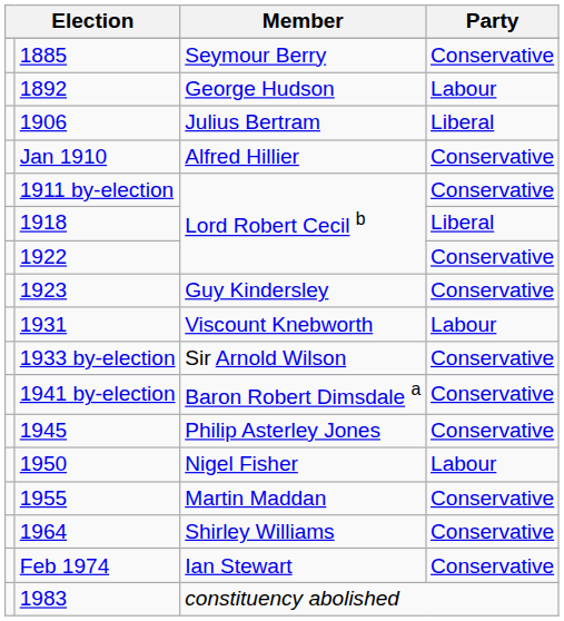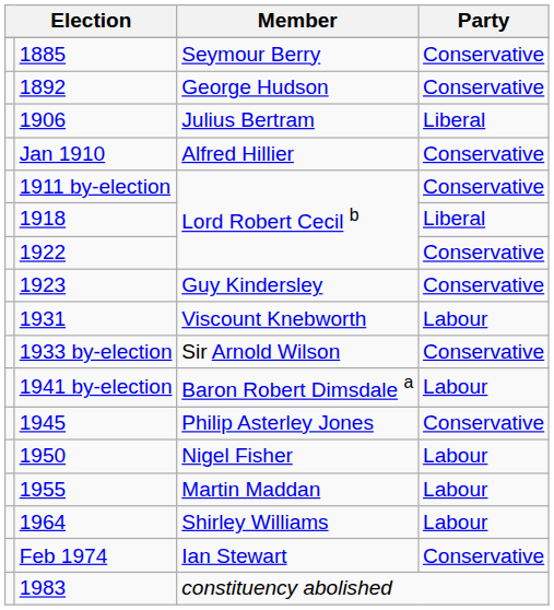 <table class="wikitable">
 <tr>
 <th colspan="2">Election</th>
 <th>Member</th>
 <th>Party</th>
 </tr>
 <tr>
 </tr>
 <tr>
 <td style="color:inherit;background-color: "></td>
 <td><a href='#'>1885</a></td>
 <td><a href='#'>Seymour Berry</a></td>
 <td><a href='#'>Conservative</a></td>
 </tr>
 <tr>
 <td style="color:inherit;background-color: "></td>
 <td><a href='#'>1892</a></td>
 <td><a href='#'>George Hudson</a></td>
-<td><a href='#'>Labour</a></td>
+<td><a href='#'>Conservative</a></td>
 </tr>
 <tr>
 <td style="color:inherit;background-color: "></td>
 <td><a href='#'>1906</a></td>
 <td><a href='#'>Julius Bertram</a></td>
 <td><a href='#'>Liberal</a></td>
 </tr>
 <tr>
 <td style="color:inherit;background-color: "></td>
 <td><a href='#'>Jan 1910</a></td>
 <td><a href='#'>Alfred Hillier</a></td>
 <td><a href='#'>Conservative</a></td>
 </tr>
 <tr>
 <td style="color:inherit;background-color: "></td>
 <td><a href='#'>1911 by-election</a></td>
 <td rowspan="3"><a href='#'>Lord Robert Cecil</a> <sup>b</sup></td>
 <td><a href='#'>Conservative</a></td>
 </tr>
 <tr>
 <td style="color:inherit;background-color: "></td>
 <td><a href='#'>1918</a></td>
 <td><a href='#'>Liberal</a></td>
 </tr>
 <tr>
 <td style="color:inherit;background-color: "></td>
 <td><a href='#'>1922</a></td>
 <td><a href='#'>Conservative</a></td>
 </tr>
 <tr>
 <td style="color:inherit;background-color: "></td>
 <td><a href='#'>1923</a></td>
 <td><a href='#'>Guy Kindersley</a></td>
 <td><a href='#'>Conservative</a></td>
 </tr>
 <tr>
 <td style="color:inherit;background-color: "></td>
 <td><a href='#'>1931</a></td>
 <td><a href='#'>Viscount Knebworth</a></td>
 <td><a href='#'>Labour</a></td>
 </tr>
 <tr>
 <td style="color:inherit;background-color: "></td>
 <td><a href='#'>1933 by-election</a></td>
 <td>Sir <a href='#'>Arnold Wilson</a></td>
 <td><a href='#'>Conservative</a></td>
 </tr>
 <tr>
 <td style="color:inherit;background-color: "></td>
 <td><a href='#'>1941 by-election</a></td>
 <td><a href='#'>Baron Robert Dimsdale</a> <sup>a</sup></td>
-<td><a href='#'>Conservative</a></td>
+<td><a href='#'>Labour</a></td>
 </tr>
 <tr>
 <td style="color:inherit;background-color: "></td>
 <td><a href='#'>1945</a></td>
 <td><a href='#'>Philip Asterley Jones</a></td>
 <td><a href='#'>Conservative</a></td>
 </tr>
 <tr>
 <td style="color:inherit;background-color: "></td>
 <td><a href='#'>1950</a></td>
 <td><a href='#'>Nigel Fisher</a></td>
 <td><a href='#'>Labour</a></td>
 </tr>
 <tr>
 <td style="color:inherit;background-color: "></td>
 <td><a href='#'>1955</a></td>
 <td><a href='#'>Martin Maddan</a></td>
-<td><a href='#'>Conservative</a></td>
+<td><a href='#'>Labour</a></td>
 </tr>
 <tr>
 <td style="color:inherit;background-color: "></td>
 <td><a href='#'>1964</a></td>
 <td><a href='#'>Shirley Williams</a></td>
-<td><a href='#'>Conservative</a></td>
+<td><a href='#'>Labour</a></td>
 </tr>
 <tr>
 <td style="color:inherit;background-color: "></td>
 <td><a href='#'>Feb 1974</a></td>
 <td><a href='#'>Ian Stewart</a></td>
 <td><a href='#'>Conservative</a></td>
 </tr>
 <tr>
 <td></td>
 <td><a href='#'>1983</a></td>
 <td colspan="2"><em>constituency abolished</em></td>
 </tr>
 </table>
